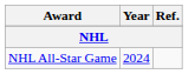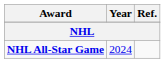 <table class="wikitable">
 <tr>
 <th>Award</th>
 <th>Year</th>
 <th>Ref.</th>
 </tr>
 <tr ALIGN="center" bgcolor="#e0e0e0">
 </tr>
 <tr ALIGN="center" bgcolor="#e0e0e0">
 <th colspan="3"><a href='#'>NHL</a></th>
 </tr>
 <tr>
-<td><a href='#'>NHL All-Star Game</a></td>
+<td><strong><a href='#'>NHL All-Star Game</a></strong></td>
 <td><a href='#'>2024</a></td>
 <td></td>
 </tr>
 </table>
